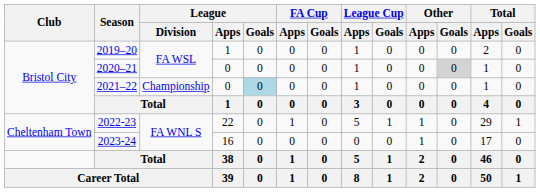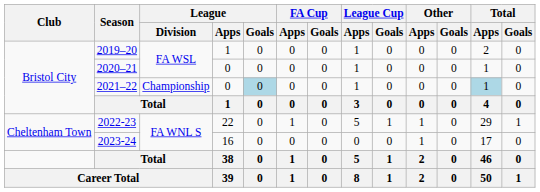 <table class="wikitable" style="text-align:center">
 <tr>
 <th rowspan="2">Club</th>
 <th rowspan="2">Season</th>
 <th colspan="3">League</th>
 <th colspan="2"><a href='#'>FA Cup</a></th>
 <th colspan="2"><a href='#'>League Cup</a></th>
 <th colspan="2">Other</th>
 <th colspan="2">Total</th>
 </tr>
 <tr>
 <th>Division</th>
 <th>Apps</th>
 <th>Goals</th>
 <th>Apps</th>
 <th>Goals</th>
 <th>Apps</th>
 <th>Goals</th>
 <th>Apps</th>
 <th>Goals</th>
 <th>Apps</th>
 <th>Goals</th>
 </tr>
 <tr>
 <td rowspan="4"><a href='#'>Bristol City</a></td>
 <td><a href='#'>2019–20</a></td>
 <td rowspan="2"><a href='#'>FA WSL</a></td>
 <td>1</td>
 <td>0</td>
 <td>0</td>
 <td>0</td>
 <td>1</td>
 <td>0</td>
 <td>0</td>
 <td>0</td>
 <td>2</td>
 <td>0</td>
 </tr>
 <tr>
 <td><a href='#'>2020–21</a></td>
 <td>0</td>
 <td>0</td>
 <td>0</td>
 <td>0</td>
 <td>1</td>
 <td>0</td>
 <td>0</td>
-<td style="background: lightgrey;">0</td>
+<td>0</td>
 <td>1</td>
 <td>0</td>
 </tr>
 <tr>
 <td><a href='#'>2021–22</a></td>
 <td><a href='#'>Championship</a></td>
 <td>0</td>
 <td style="background: lightblue;">0</td>
 <td>0</td>
 <td>0</td>
 <td>1</td>
 <td>0</td>
 <td>0</td>
 <td>0</td>
-<td>1</td>
+<td style="background: lightblue;">1</td>
 <td>0</td>
 </tr>
 <tr>
 <th colspan="2">Total</th>
 <th>1</th>
 <th>0</th>
 <th>0</th>
 <th>0</th>
 <th>3</th>
 <th>0</th>
 <th>0</th>
 <th>0</th>
 <th>4</th>
 <th>0</th>
 </tr>
 <tr>
 <td rowspan="2"><a href='#'>Cheltenham Town</a></td>
 <td><a href='#'>2022-23</a></td>
 <td rowspan="2"><a href='#'>FA WNL S</a></td>
 <td>22</td>
 <td>0</td>
 <td>1</td>
 <td>0</td>
 <td>5</td>
 <td>1</td>
 <td>1</td>
 <td>0</td>
 <td>29</td>
 <td>1</td>
 </tr>
 <tr>
 <td><a href='#'>2023-24</a></td>
 <td>16</td>
 <td>0</td>
 <td>0</td>
 <td>0</td>
 <td>0</td>
 <td>0</td>
 <td>1</td>
 <td>0</td>
 <td>17</td>
 <td>0</td>
 </tr>
 <tr>
 <td></td>
 <th colspan="2">Total</th>
 <th>38</th>
 <th>0</th>
 <th>1</th>
 <th>0</th>
 <th>5</th>
 <th>1</th>
 <th>2</th>
 <th>0</th>
 <th>46</th>
 <th>0</th>
 </tr>
 <tr>
 <th colspan="3">Career Total</th>
 <th>39</th>
 <th>0</th>
 <th>1</th>
 <th>0</th>
 <th>8</th>
 <th>1</th>
 <th>2</th>
 <th>0</th>
 <th>50</th>
 <th>1</th>
 </tr>
 </table>
